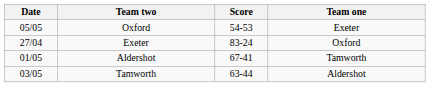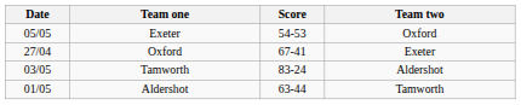 <table class="wikitable" style="text-align: center">
 <tr>
 <th width=80>Date</th>
+<th width=250>Team one</th>
+<th width=80>Score</th>
 <th width=250>Team two</th>
-<th width=80>Score</th>
-<th width=250>Team one</th>
 </tr>
 <tr>
 <td>05/05</td>
+<td>Exeter</td>
+<td>54-53</td>
 <td>Oxford</td>
-<td>54-53</td>
+</tr>
+<tr>
+<td>27/04</td>
+<td>Oxford</td>
+<td>67-41</td>
 <td>Exeter</td>
 </tr>
 <tr>
-<td>27/04</td>
-<td>Exeter</td>
+<td>03/05</td>
+<td>Tamworth</td>
 <td>83-24</td>
-<td>Oxford</td>
+<td>Aldershot</td>
 </tr>
 <tr>
 <td>01/05</td>
 <td>Aldershot</td>
-<td>67-41</td>
+<td>63-44</td>
 <td>Tamworth</td>
 </tr>
-<tr>
-<td>03/05</td>
-<td>Tamworth</td>
-<td>63-44</td>
-<td>Aldershot</td>
-</tr>
 </table>
